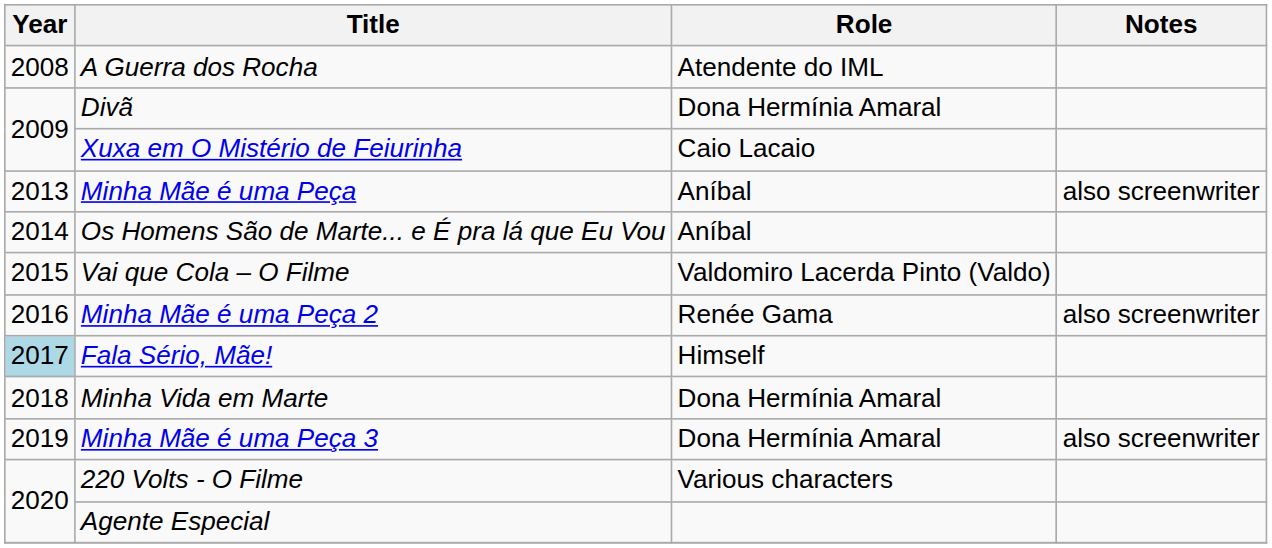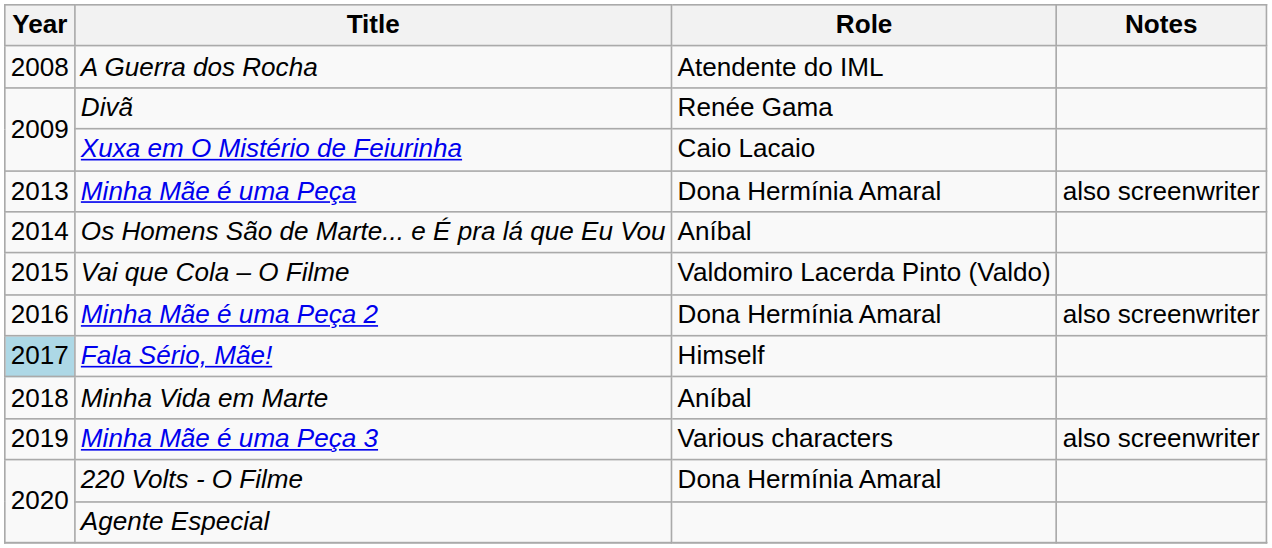 <table class="wikitable">
 <tr>
 <th>Year</th>
 <th>Title</th>
 <th>Role</th>
 <th>Notes</th>
 </tr>
 <tr>
 <td>2008</td>
 <td><em>A Guerra dos Rocha</em></td>
 <td>Atendente do IML</td>
 <td></td>
 </tr>
 <tr>
 <td rowspan="2">2009</td>
 <td><em>Divã</em></td>
-<td>Dona Hermínia Amaral</td>
+<td>Renée Gama</td>
 <td></td>
 </tr>
 <tr>
 <td><em><a href='#'>Xuxa em O Mistério de Feiurinha</a></em></td>
 <td>Caio Lacaio</td>
 <td></td>
 </tr>
 <tr>
 <td>2013</td>
 <td><em><a href='#'>Minha Mãe é uma Peça</a></em></td>
-<td>Aníbal</td>
+<td>Dona Hermínia Amaral</td>
 <td>also screenwriter</td>
 </tr>
 <tr>
 <td>2014</td>
 <td><em>Os Homens São de Marte... e É pra lá que Eu Vou</em></td>
 <td>Aníbal</td>
 <td></td>
 </tr>
 <tr>
 <td>2015</td>
 <td><em>Vai que Cola – O Filme</em></td>
 <td>Valdomiro Lacerda Pinto (Valdo)</td>
 <td></td>
 </tr>
 <tr>
 <td>2016</td>
 <td><em><a href='#'>Minha Mãe é uma Peça 2</a></em></td>
-<td>Renée Gama</td>
+<td>Dona Hermínia Amaral</td>
 <td>also screenwriter</td>
 </tr>
 <tr>
 <td style="background: lightblue;">2017</td>
 <td><em><a href='#'>Fala Sério, Mãe!</a></em></td>
 <td>Himself</td>
 <td></td>
 </tr>
 <tr>
 <td>2018</td>
 <td><em>Minha Vida em Marte</em></td>
-<td>Dona Hermínia Amaral</td>
+<td>Aníbal</td>
 <td></td>
 </tr>
 <tr>
 <td>2019</td>
 <td><em><a href='#'>Minha Mãe é uma Peça 3</a></em></td>
-<td>Dona Hermínia Amaral</td>
+<td>Various characters</td>
 <td>also screenwriter</td>
 </tr>
 <tr>
 <td rowspan="2">2020</td>
 <td><em>220 Volts - O Filme</em></td>
-<td>Various characters</td>
+<td>Dona Hermínia Amaral</td>
 <td></td>
 </tr>
 <tr>
 <td><em>Agente Especial</em></td>
 <td></td>
 <td></td>
 </tr>
 <tr>
 </tr>
 </table>
